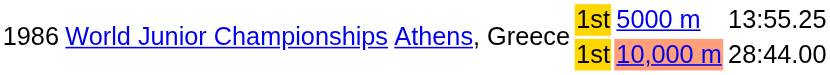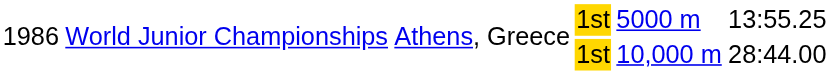 <table>
 <tr>
 <td rowspan=2>1986</td>
 <td rowspan=2><a href='#'>World Junior Championships</a></td>
 <td rowspan=2><a href='#'>Athens</a>, Greece</td>
 <td bgcolor=gold>1st</td>
 <td><a href='#'>5000 m</a></td>
 <td>13:55.25</td>
 </tr>
 <tr>
 <td bgcolor=gold>1st</td>
-<td style="background: lightsalmon;"><a href='#'>10,000 m</a></td>
+<td><a href='#'>10,000 m</a></td>
 <td>28:44.00</td>
 </tr>
 </table>
